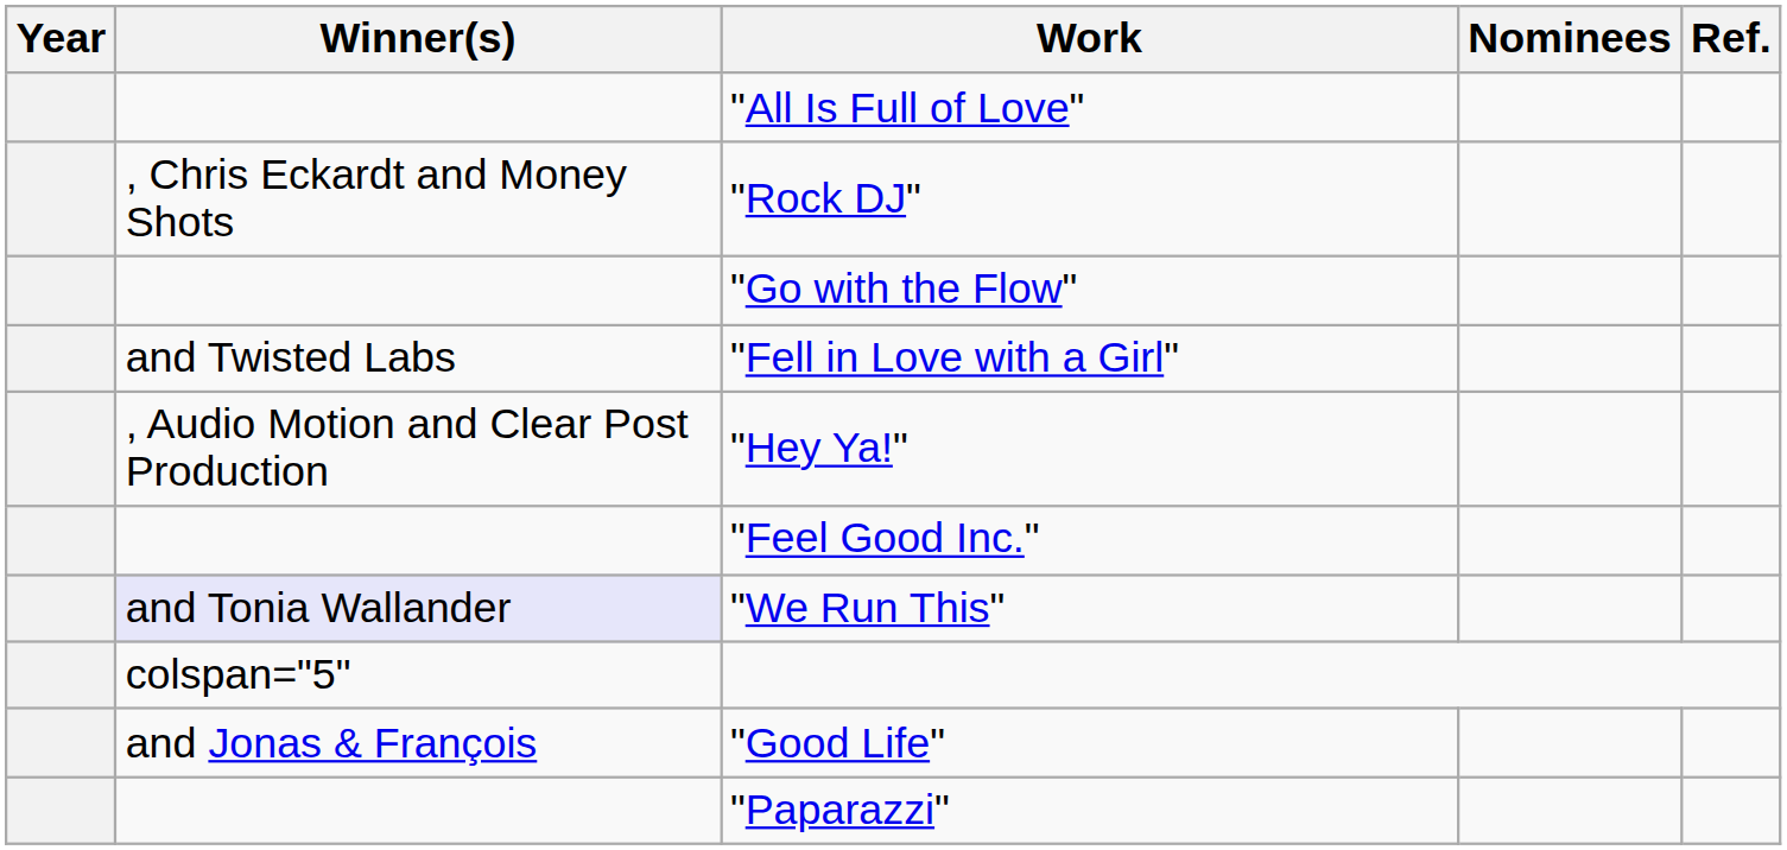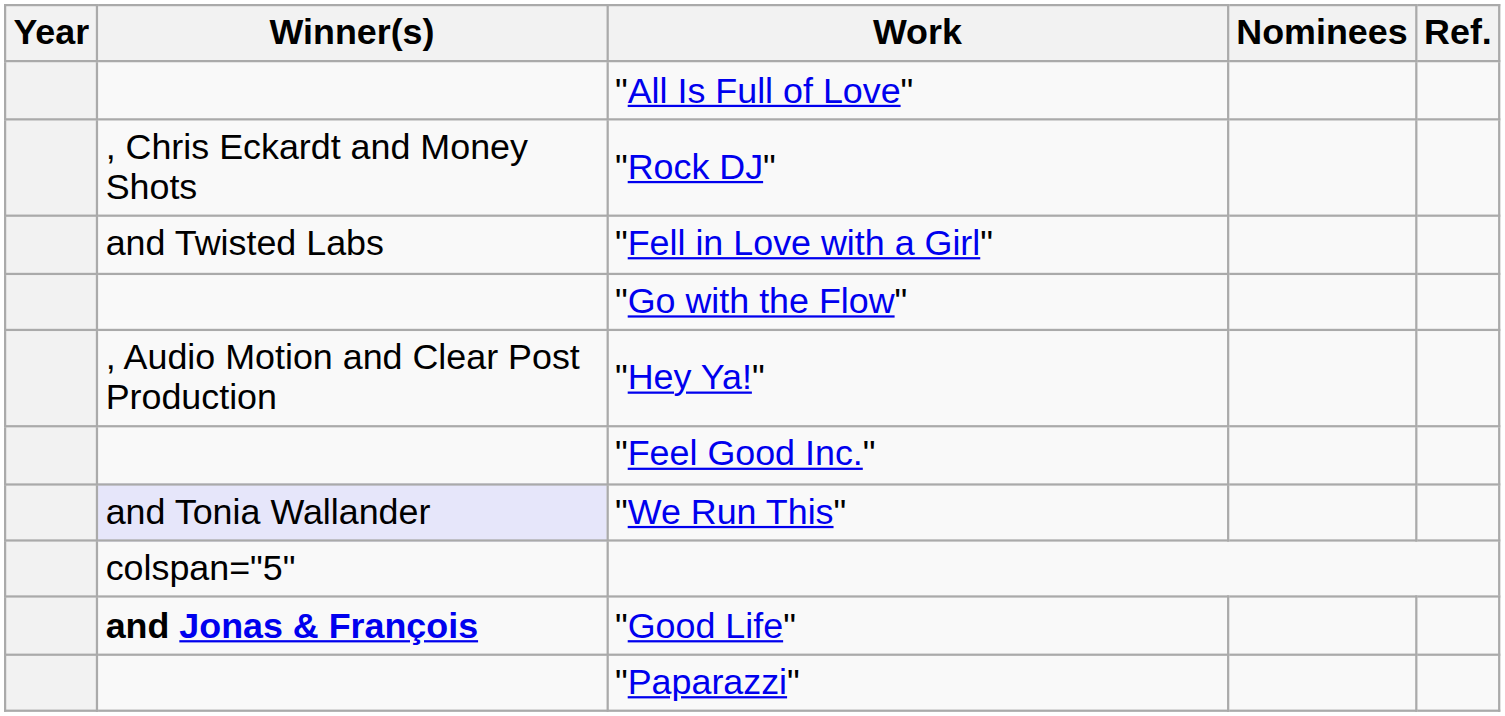 <table class="wikitable sortable">
 <tr>
 <th scope="col" style="width:5px;">Year</th>
 <th scope="col" style="width:220px;">Winner(s)</th>
 <th scope="col" style="width:270px;">Work</th>
 <th scope="col" class="unsortable">Nominees</th>
 <th scope="col" class="unsortable">Ref.</th>
 </tr>
 <tr>
 <th scope="row"></th>
 <td></td>
 <td>"<a href='#'>All Is Full of Love</a>" </td>
 <td></td>
 <td align="center"></td>
 </tr>
 <tr>
 <th scope="row"></th>
 <td>, Chris Eckardt and Money Shots</td>
 <td>"<a href='#'>Rock DJ</a>" </td>
 <td></td>
 <td align="center"></td>
 </tr>
 <tr>
 <th scope="row"></th>
-<td></td>
-<td>"<a href='#'>Go with the Flow</a>" </td>
+<td> and Twisted Labs</td>
+<td>"<a href='#'>Fell in Love with a Girl</a>" </td>
 <td></td>
 <td align="center"></td>
 </tr>
 <tr>
 <th scope="row"></th>
-<td> and Twisted Labs</td>
-<td>"<a href='#'>Fell in Love with a Girl</a>" </td>
+<td></td>
+<td>"<a href='#'>Go with the Flow</a>" </td>
 <td></td>
 <td align="center"></td>
 </tr>
 <tr>
 <th scope="row"></th>
 <td>, Audio Motion and Clear Post Production</td>
 <td>"<a href='#'>Hey Ya!</a>" </td>
 <td></td>
 <td align="center"></td>
 </tr>
 <tr>
 <th scope="row"></th>
 <td></td>
 <td>"<a href='#'>Feel Good Inc.</a>" </td>
 <td></td>
 <td align="center"></td>
 </tr>
 <tr>
 <th scope="row"></th>
 <td style="background: lavender;"> and Tonia Wallander</td>
 <td>"<a href='#'>We Run This</a>" </td>
 <td></td>
 <td align="center"></td>
 </tr>
 <tr>
 <th scope="row"></th>
 <td>colspan="5" </td>
 </tr>
 <tr>
 <th scope="row"></th>
-<td> and <a href='#'>Jonas & François</a></td>
+<td><strong> and <a href='#'>Jonas & François</a></strong></td>
 <td>"<a href='#'>Good Life</a>" </td>
 <td></td>
 <td align="center"></td>
 </tr>
 <tr>
 <th scope="row"></th>
 <td></td>
 <td>"<a href='#'>Paparazzi</a>" </td>
 <td></td>
 <td align="center"></td>
 </tr>
 </table>
